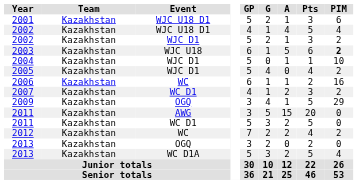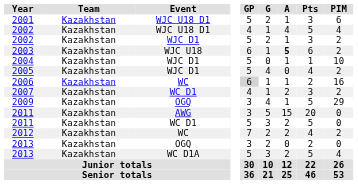 <table BORDER="0" CELLPADDING="0" CELLSPACING="0" width="40%">
 <tr ALIGN="center" bgcolor="#e0e0e0">
 <th>Year</th>
 <th>Team</th>
 <th>Event</th>
 <th ALIGN="center" rowspan="99" bgcolor="#ffffff"> </th>
 <th>GP</th>
 <th>G</th>
 <th>A</th>
 <th>Pts</th>
 <th>PIM</th>
 </tr>
 <tr ALIGN="center">
 <td><a href='#'>2001</a></td>
 <td><a href='#'>Kazakhstan</a></td>
 <td><a href='#'>WJC U18 D1</a></td>
 <td>5</td>
 <td>2</td>
 <td>1</td>
 <td>3</td>
 <td>6</td>
 </tr>
 <tr ALIGN="center" bgcolor="#f0f0f0">
 <td><a href='#'>2002</a></td>
 <td>Kazakhstan</td>
 <td>WJC U18 D1</td>
 <td>4</td>
 <td>1</td>
 <td>4</td>
 <td>5</td>
 <td>4</td>
 </tr>
 <tr ALIGN="center">
 <td><a href='#'>2002</a></td>
 <td>Kazakhstan</td>
 <td><a href='#'>WJC D1</a></td>
 <td>5</td>
 <td>2</td>
 <td>1</td>
 <td>3</td>
 <td>2</td>
 </tr>
 <tr ALIGN="center" bgcolor="#f0f0f0">
 <td><a href='#'>2003</a></td>
 <td>Kazakhstan</td>
 <td>WJC U18</td>
 <td>6</td>
 <td>1</td>
-<td>5</td>
+<td><strong>5</strong></td>
 <td>6</td>
-<td><strong>2</strong></td>
+<td>2</td>
 </tr>
 <tr ALIGN="center">
 <td><a href='#'>2004</a></td>
 <td>Kazakhstan</td>
 <td>WJC D1</td>
 <td>5</td>
 <td>0</td>
 <td>1</td>
 <td>1</td>
 <td>10</td>
 </tr>
 <tr ALIGN="center" bgcolor="#f0f0f0">
 <td><a href='#'>2005</a></td>
 <td>Kazakhstan</td>
 <td>WJC D1</td>
 <td>5</td>
 <td>4</td>
 <td>0</td>
 <td>4</td>
 <td>2</td>
 </tr>
 <tr ALIGN="center">
 <td><a href='#'>2006</a></td>
 <td><a href='#'>Kazakhstan</a></td>
 <td><a href='#'>WC</a></td>
-<td>6</td>
+<td style="background: lightgrey;">6</td>
 <td>1</td>
 <td>1</td>
 <td>2</td>
 <td>16</td>
 </tr>
 <tr ALIGN="center" bgcolor="#f0f0f0">
 <td><a href='#'>2007</a></td>
 <td>Kazakhstan</td>
 <td><a href='#'>WC D1</a></td>
 <td>4</td>
 <td>1</td>
 <td>2</td>
 <td>3</td>
 <td>2</td>
 </tr>
 <tr ALIGN="center">
 <td><a href='#'>2009</a></td>
 <td>Kazakhstan</td>
 <td><a href='#'>OGQ</a></td>
 <td>3</td>
 <td>4</td>
 <td>1</td>
 <td>5</td>
 <td>29</td>
 </tr>
 <tr ALIGN="center" bgcolor="#f0f0f0">
 <td><a href='#'>2011</a></td>
 <td>Kazakhstan</td>
 <td><a href='#'>AWG</a></td>
 <td>3</td>
 <td>5</td>
 <td>15</td>
 <td>20</td>
 <td>0</td>
 </tr>
 <tr ALIGN="center">
 <td><a href='#'>2011</a></td>
 <td>Kazakhstan</td>
 <td>WC D1</td>
 <td>5</td>
 <td>3</td>
 <td>2</td>
 <td>5</td>
 <td>0</td>
 </tr>
 <tr ALIGN="center" bgcolor="#f0f0f0">
 <td><a href='#'>2012</a></td>
 <td>Kazakhstan</td>
 <td>WC</td>
 <td>7</td>
 <td>2</td>
 <td>2</td>
 <td>4</td>
 <td>2</td>
 </tr>
 <tr ALIGN="center">
 <td><a href='#'>2013</a></td>
 <td>Kazakhstan</td>
 <td>OGQ</td>
 <td>3</td>
 <td>2</td>
 <td>0</td>
 <td>2</td>
 <td>0</td>
 </tr>
 <tr ALIGN="center" bgcolor="#f0f0f0">
 <td><a href='#'>2013</a></td>
 <td>Kazakhstan</td>
 <td>WC D1A</td>
 <td>5</td>
 <td>3</td>
 <td>2</td>
 <td>5</td>
 <td>4</td>
 </tr>
 <tr style="text-align:center; background:#e0e0e0;">
 <th colspan=3>Junior totals</th>
 <th>30</th>
 <th>10</th>
 <th>12</th>
 <th>22</th>
 <th>26</th>
 </tr>
 <tr style="text-align:center; background:#e0e0e0;">
 <th colspan=3>Senior totals</th>
 <th>36</th>
 <th>21</th>
 <th>25</th>
 <th>46</th>
 <th>53</th>
 </tr>
 </table>
